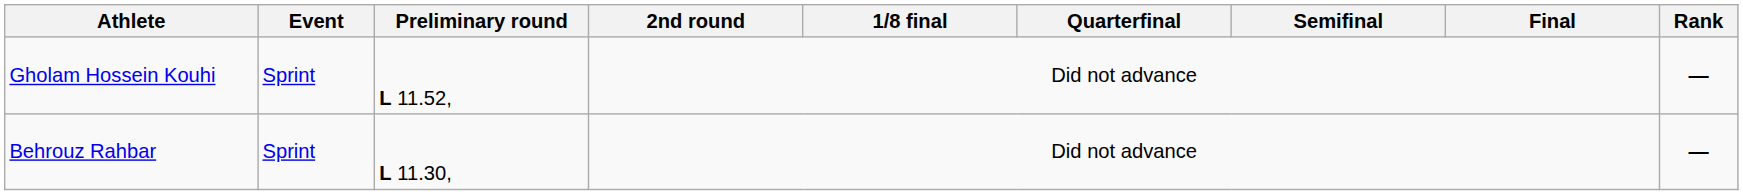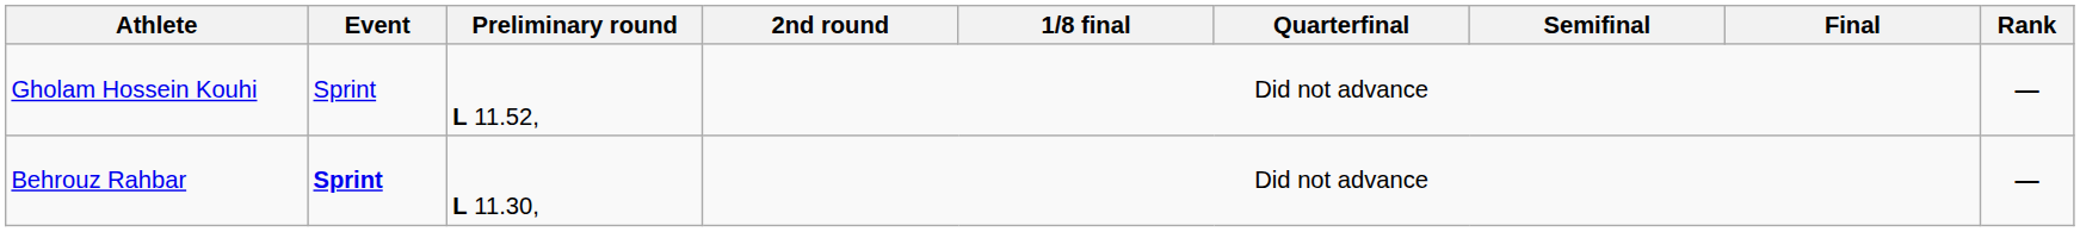 <table class="wikitable" width="98%" style="text-align:left; font-size:90%">
 <tr>
 <th width="13%">Athlete</th>
 <th width="6%">Event</th>
 <th width="11%">Preliminary round</th>
 <th width="11%">2nd round</th>
 <th width="11%">1/8 final</th>
 <th width="11%">Quarterfinal</th>
 <th width="11%">Semifinal</th>
 <th width="11%">Final</th>
 <th width="4%">Rank</th>
 </tr>
 <tr>
 <td><a href='#'>Gholam Hossein Kouhi</a></td>
 <td><a href='#'>Sprint</a></td>
 <td><br><br><strong>L</strong> 11.52, </td>
 <td colspan=5 align=center>Did not advance</td>
 <td align="center"><strong>—</strong></td>
 </tr>
 <tr>
 <td><a href='#'>Behrouz Rahbar</a></td>
-<td><a href='#'>Sprint</a></td>
+<td><strong><a href='#'>Sprint</a></strong></td>
 <td><br><br><strong>L</strong> 11.30, </td>
 <td colspan=5 align=center>Did not advance</td>
 <td align="center"><strong>—</strong></td>
 </tr>
 </table>
